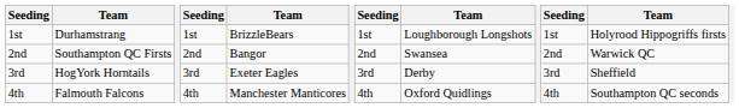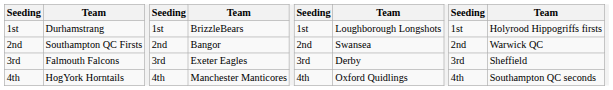 <table class="wikitable" style="border: none;">
 <tr>
 <th>Seeding</th>
 <th>Team</th>
 <th rowspan="10" style="border: none;"></th>
 <th>Seeding</th>
 <th>Team</th>
 <th rowspan="10" style="border: none;"></th>
 <th>Seeding</th>
 <th>Team</th>
 <th rowspan="10" style="border: none;"></th>
 <th>Seeding</th>
 <th>Team</th>
 <th rowspan="10" style="border: none;"></th>
 </tr>
 <tr>
 <td>1st</td>
 <td>Durhamstrang</td>
 <td>1st</td>
 <td>BrizzleBears</td>
 <td>1st</td>
 <td>Loughborough Longshots</td>
 <td>1st</td>
 <td>Holyrood Hippogriffs firsts</td>
 </tr>
 <tr>
 <td>2nd</td>
 <td>Southampton QC Firsts</td>
 <td>2nd</td>
 <td>Bangor</td>
 <td>2nd</td>
 <td>Swansea</td>
 <td>2nd</td>
 <td>Warwick QC</td>
 </tr>
 <tr>
 <td>3rd</td>
-<td>HogYork Horntails</td>
+<td>Falmouth Falcons</td>
 <td>3rd</td>
 <td>Exeter Eagles</td>
 <td>3rd</td>
 <td>Derby</td>
 <td>3rd</td>
 <td>Sheffield</td>
 </tr>
 <tr>
 <td>4th</td>
-<td>Falmouth Falcons</td>
+<td>HogYork Horntails</td>
 <td>4th</td>
 <td>Manchester Manticores</td>
 <td>4th</td>
 <td>Oxford Quidlings</td>
 <td>4th</td>
 <td>Southampton QC seconds</td>
 </tr>
 </table>
